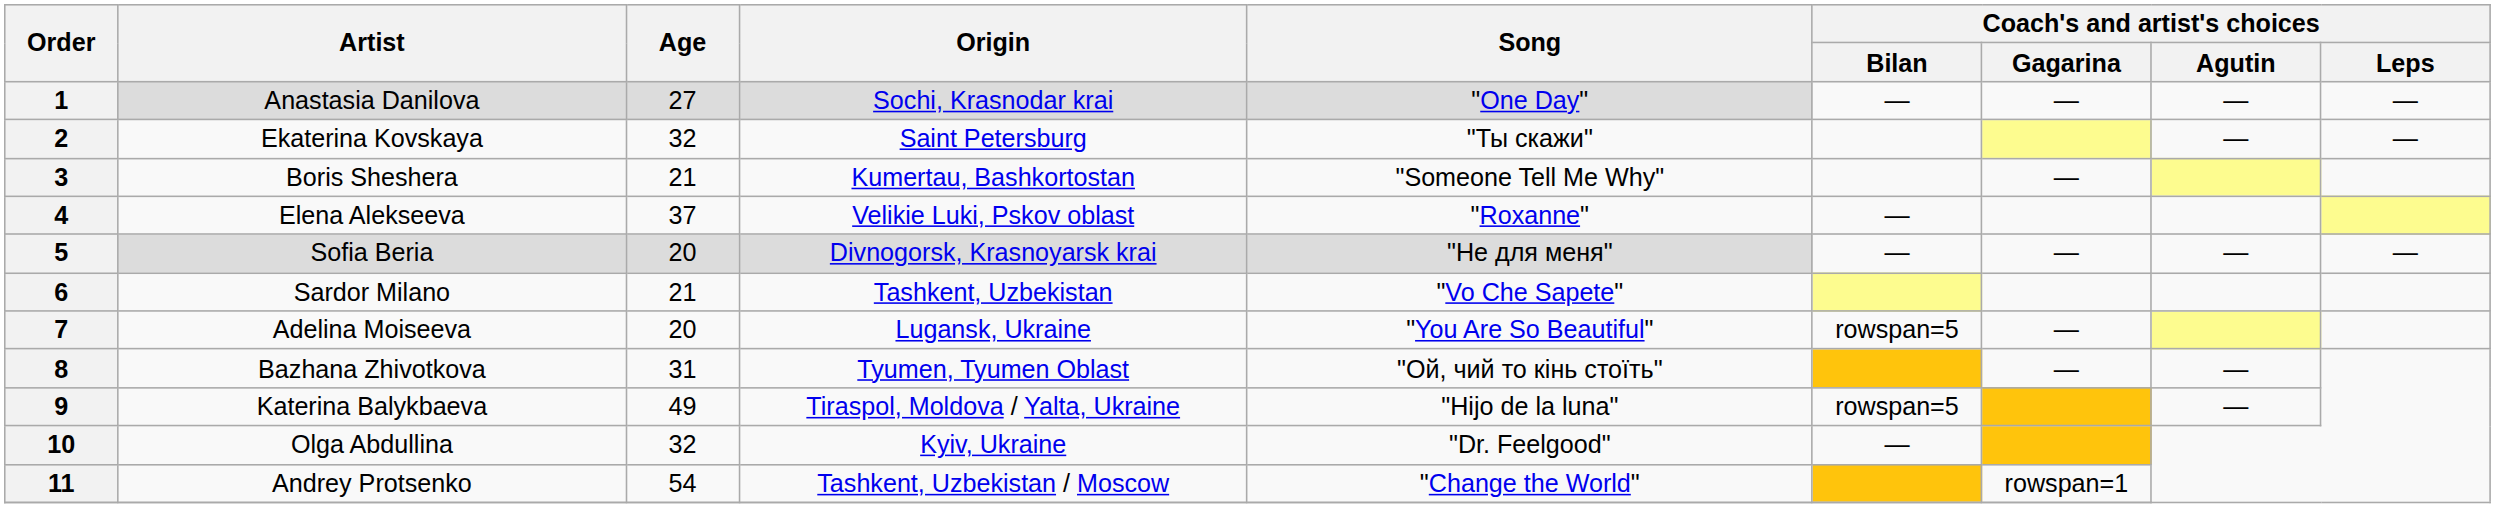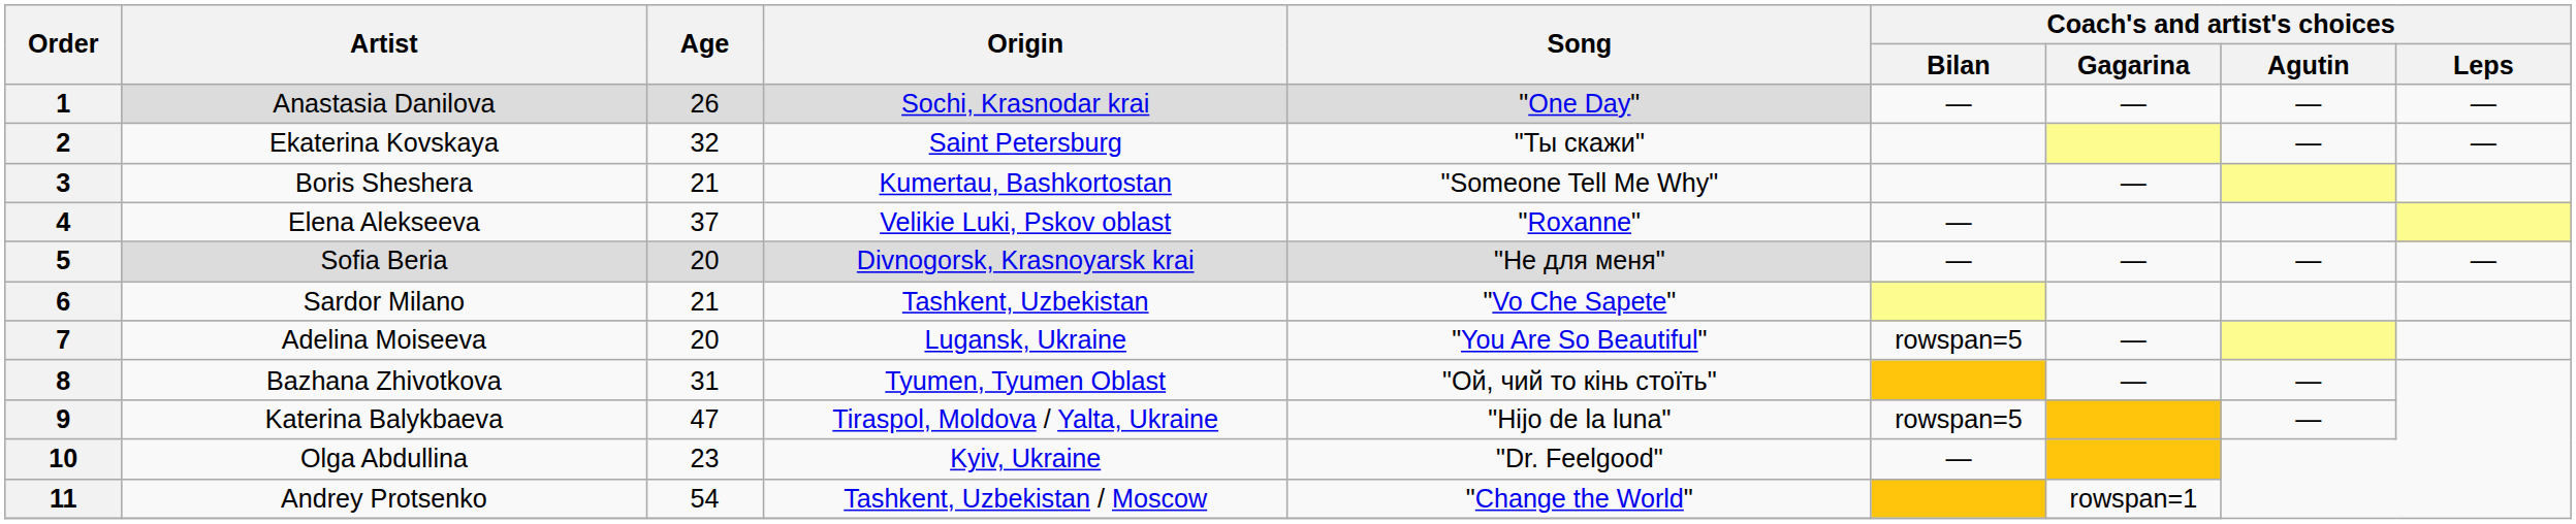 <table class="wikitable" style="text-align:center; line-height:17px; width:100%;">
 <tr>
 <th scope="col" rowspan="2" style="width:04%;">Order</th>
 <th scope="col" rowspan="2" style="width:18%;">Artist</th>
 <th scope="col" rowspan="2" style="width:04%;">Age</th>
 <th scope="col" rowspan="2" style="width:18%;">Origin</th>
 <th scope="col" rowspan="2" style="width:20%;">Song</th>
 <th scope="col" colspan="4" style="width:24%;">Coach's and artist's choices</th>
 </tr>
 <tr>
 <th style="width:06%;">Bilan</th>
 <th style="width:06%;">Gagarina</th>
 <th style="width:06%;">Agutin</th>
 <th style="width:06%;">Leps</th>
 </tr>
 <tr>
 <th>1</th>
 <td style="background:#DCDCDC;">Anastasia Danilova</td>
-<td style="background:#DCDCDC;">27</td>
+<td style="background:#DCDCDC;">26</td>
 <td style="background:#DCDCDC;"><a href='#'>Sochi, Krasnodar krai</a></td>
 <td style="background:#DCDCDC;">"<a href='#'>One Day</a>"</td>
 <td>—</td>
 <td>—</td>
 <td>—</td>
 <td>—</td>
 </tr>
 <tr>
 <th>2</th>
 <td>Ekaterina Kovskaya</td>
 <td>32</td>
 <td><a href='#'>Saint Petersburg</a></td>
 <td>"Ты скажи"</td>
 <td><strong></strong></td>
 <td style="background:#fdfc8f;"><strong></strong></td>
 <td>—</td>
 <td>—</td>
 </tr>
 <tr>
 <th>3</th>
 <td>Boris Sheshera</td>
 <td>21</td>
 <td><a href='#'>Kumertau, Bashkortostan</a></td>
 <td>"Someone Tell Me Why"</td>
 <td><strong></strong></td>
 <td>—</td>
 <td style="background:#fdfc8f;"><strong></strong></td>
 <td><strong></strong></td>
 </tr>
 <tr>
 <th>4</th>
 <td>Elena Alekseeva</td>
 <td>37</td>
 <td><a href='#'>Velikie Luki, Pskov oblast</a></td>
 <td>"<a href='#'>Roxanne</a>"</td>
 <td>—</td>
 <td><strong></strong></td>
 <td><strong></strong></td>
 <td style="background:#fdfc8f;"><strong></strong></td>
 </tr>
 <tr>
 <th>5</th>
 <td style="background:#DCDCDC;">Sofia Beria</td>
 <td style="background:#DCDCDC;">20</td>
 <td style="background:#DCDCDC;"><a href='#'>Divnogorsk, Krasnoyarsk krai</a></td>
 <td style="background:#DCDCDC;">"Не для меня"</td>
 <td>—</td>
 <td>—</td>
 <td>—</td>
 <td>—</td>
 </tr>
 <tr>
 <th>6</th>
 <td>Sardor Milano</td>
 <td>21</td>
 <td><a href='#'>Tashkent, Uzbekistan</a></td>
 <td>"<a href='#'>Vo Che Sapete</a>"</td>
 <td style="background:#fdfc8f;"><strong></strong></td>
 <td><strong></strong></td>
 <td><strong></strong></td>
 <td><strong></strong></td>
 </tr>
 <tr>
 <th>7</th>
 <td>Adelina Moiseeva</td>
 <td>20</td>
 <td><a href='#'>Lugansk, Ukraine</a></td>
 <td>"<a href='#'>You Are So Beautiful</a>"</td>
 <td>rowspan=5 </td>
 <td>—</td>
 <td style="background:#fdfc8f;"><strong></strong></td>
 <td><strong></strong></td>
 </tr>
 <tr>
 <th>8</th>
 <td>Bazhana Zhivotkova</td>
 <td>31</td>
 <td><a href='#'>Tyumen, Tyumen Oblast</a></td>
 <td>"Ой, чий то кiнь стоïть"</td>
 <td style="background:#FFC40C;"><strong></strong></td>
 <td>—</td>
 <td>—</td>
 </tr>
 <tr>
 <th>9</th>
 <td>Katerina Balykbaeva</td>
-<td>49</td>
+<td>47</td>
 <td><a href='#'>Tiraspol, Moldova</a> / <a href='#'>Yalta, Ukraine</a></td>
 <td>"Hijo de la luna"</td>
 <td>rowspan=5 </td>
 <td style="background:#FFC40C;"><strong></strong></td>
 <td>—</td>
 </tr>
 <tr>
 <th>10</th>
 <td>Olga Abdullina</td>
-<td>32</td>
+<td>23</td>
 <td><a href='#'>Kyiv, Ukraine</a></td>
 <td>"Dr. Feelgood"</td>
 <td>—</td>
 <td style="background:#FFC40C;"><strong></strong></td>
 </tr>
 <tr>
 <th>11</th>
 <td>Andrey Protsenko</td>
 <td>54</td>
 <td><a href='#'>Tashkent, Uzbekistan</a> / <a href='#'>Moscow</a></td>
 <td>"<a href='#'>Change the World</a>"</td>
 <td style="background:#FFC40C;"><strong></strong></td>
 <td>rowspan=1 </td>
 </tr>
 <tr>
 </tr>
 </table>
